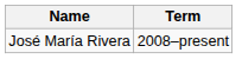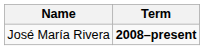 <table class="wikitable">
 <tr>
 <th>Name</th>
 <th>Term</th>
 </tr>
 <tr>
 <td>José María Rivera</td>
-<td>2008–present</td>
+<td><strong>2008–present</strong></td>
 </tr>
 </table>
